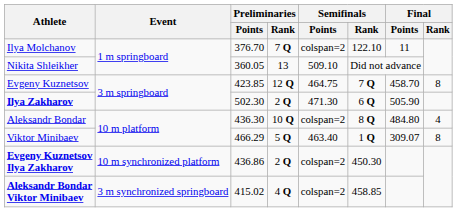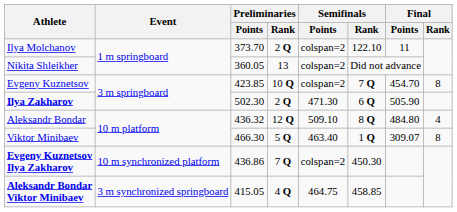 <table class=wikitable style="font-size:90%;">
 <tr>
 <th rowspan="2">Athlete</th>
 <th rowspan="2">Event</th>
 <th colspan="2">Preliminaries</th>
 <th colspan="2">Semifinals</th>
 <th colspan="2">Final</th>
 </tr>
 <tr style="font-size:95%">
 <th>Points</th>
 <th>Rank</th>
 <th>Points</th>
 <th>Rank</th>
 <th>Points</th>
 <th>Rank</th>
 </tr>
 <tr align=center>
 <td align=left><a href='#'>Ilya Molchanov</a></td>
 <td align=left rowspan=2><a href='#'>1 m springboard</a></td>
-<td>376.70</td>
-<td>7 <strong>Q</strong></td>
+<td>373.70</td>
+<td>2 <strong>Q</strong></td>
 <td>colspan=2 </td>
 <td>122.10</td>
 <td>11</td>
 </tr>
 <tr align=center>
 <td align=left><a href='#'>Nikita Shleikher</a></td>
 <td>360.05</td>
 <td>13</td>
-<td>509.10</td>
+<td>colspan=2 </td>
 <td colspan=2>Did not advance</td>
 </tr>
 <tr align=center>
 <td align=left><a href='#'>Evgeny Kuznetsov</a></td>
 <td align=left rowspan=2><a href='#'>3 m springboard</a></td>
 <td>423.85</td>
-<td>12 <strong>Q</strong></td>
-<td>464.75</td>
+<td>10 <strong>Q</strong></td>
+<td>colspan=2 </td>
 <td>7 <strong>Q</strong></td>
-<td>458.70</td>
+<td>454.70</td>
 <td>8</td>
 </tr>
 <tr align=center>
 <td align=left><strong><a href='#'>Ilya Zakharov</a></strong></td>
 <td>502.30</td>
 <td>2 <strong>Q</strong></td>
 <td>471.30</td>
 <td>6 <strong>Q</strong></td>
 <td>505.90</td>
 <td></td>
 </tr>
 <tr align=center>
 <td align=left><a href='#'>Aleksandr Bondar</a></td>
 <td align=left rowspan=2><a href='#'>10 m platform</a></td>
-<td>436.30</td>
-<td>10 <strong>Q</strong></td>
-<td>colspan=2 </td>
+<td>436.32</td>
+<td>12 <strong>Q</strong></td>
+<td>509.10</td>
 <td>8 <strong>Q</strong></td>
 <td>484.80</td>
 <td>4</td>
 </tr>
 <tr align=center>
 <td align=left><a href='#'>Viktor Minibaev</a></td>
-<td>466.29</td>
+<td>466.30</td>
 <td>5 <strong>Q</strong></td>
 <td>463.40</td>
 <td>1 <strong>Q</strong></td>
 <td>309.07</td>
 <td>8</td>
 </tr>
 <tr align=center>
 <td align=left><strong><a href='#'>Evgeny Kuznetsov</a><br><a href='#'>Ilya Zakharov</a></strong></td>
 <td align=left><a href='#'>10 m synchronized platform</a></td>
 <td>436.86</td>
-<td>2 <strong>Q</strong></td>
+<td>7 <strong>Q</strong></td>
 <td>colspan=2 </td>
 <td>450.30</td>
 <td></td>
 </tr>
 <tr align=center>
 <td align=left><strong><a href='#'>Aleksandr Bondar</a><br><a href='#'>Viktor Minibaev</a></strong></td>
 <td align=left><a href='#'>3 m synchronized springboard</a></td>
-<td>415.02</td>
+<td>415.05</td>
 <td>4 <strong>Q</strong></td>
-<td>colspan=2 </td>
+<td>464.75</td>
 <td>458.85</td>
 <td></td>
 </tr>
 </table>
